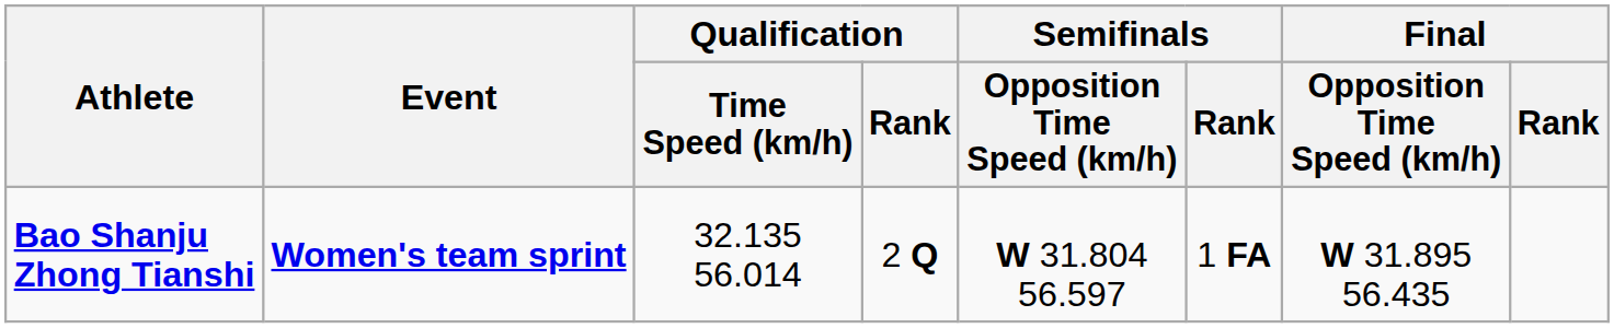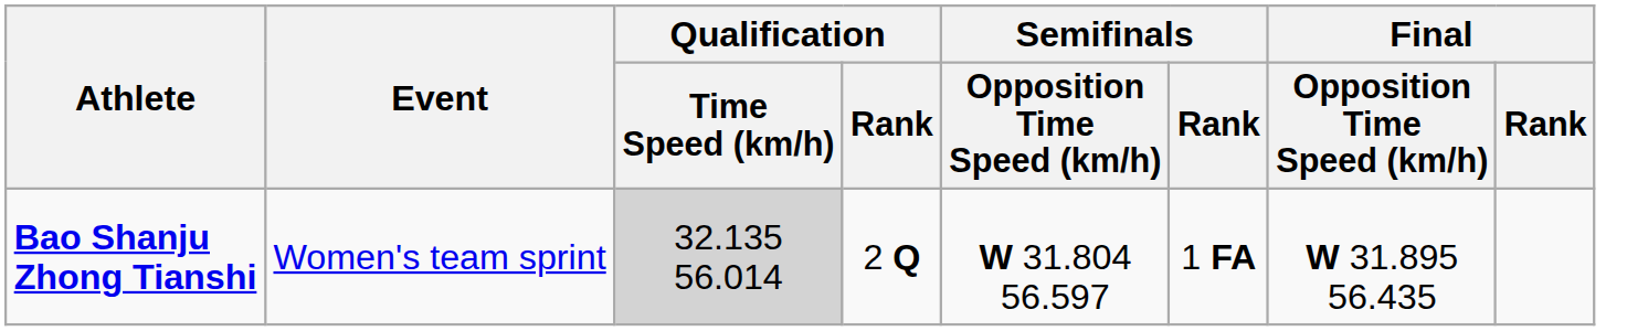 <table class="wikitable" style="font-size:90%">
 <tr>
 <th rowspan="2">Athlete</th>
 <th rowspan="2">Event</th>
 <th colspan=2>Qualification</th>
 <th colspan=2>Semifinals</th>
 <th colspan=2>Final</th>
 </tr>
 <tr style="font-size:95%">
 <th>Time<br>Speed (km/h)</th>
 <th>Rank</th>
 <th>Opposition<br>Time<br>Speed (km/h)</th>
 <th>Rank</th>
 <th>Opposition<br>Time<br>Speed (km/h)</th>
 <th>Rank</th>
 </tr>
 <tr align=center>
 <td align=left><strong><a href='#'>Bao Shanju</a><br><a href='#'>Zhong Tianshi</a></strong></td>
-<td align=left><strong><a href='#'>Women's team sprint</a></strong></td>
-<td>32.135<br>56.014</td>
+<td align=left><a href='#'>Women's team sprint</a></td>
+<td style="background: lightgrey;">32.135<br>56.014</td>
 <td>2 <strong>Q</strong></td>
 <td><br><strong>W</strong> 31.804 <br>56.597</td>
 <td>1 <strong>FA</strong></td>
 <td><br><strong>W</strong> 31.895<br>56.435</td>
 <td></td>
 </tr>
 </table>
